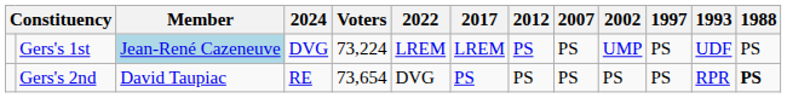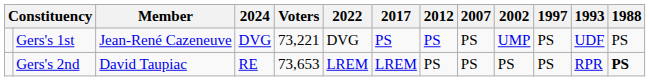 <table class="wikitable sortable">
 <tr>
 <th colspan="2">Constituency</th>
 <th>Member</th>
 <th>2024</th>
 <th>Voters</th>
 <th>2022</th>
 <th>2017</th>
 <th>2012</th>
 <th>2007</th>
 <th>2002</th>
 <th>1997</th>
 <th>1993</th>
 <th>1988</th>
 </tr>
 <tr>
 <td style="background-color: "></td>
 <td><a href='#'>Gers's 1st</a></td>
-<td style="background: lightblue;"><a href='#'>Jean-René Cazeneuve</a></td>
+<td><a href='#'>Jean-René Cazeneuve</a></td>
 <td><a href='#'>DVG</a></td>
-<td>73,224</td>
-<td><a href='#'>LREM</a></td>
-<td><a href='#'>LREM</a></td>
+<td>73,221</td>
+<td>DVG</td>
+<td><a href='#'>PS</a></td>
 <td bgcolor=><a href='#'>PS</a></td>
 <td bgcolor=>PS</td>
 <td bgcolor=><a href='#'>UMP</a></td>
 <td bgcolor=>PS</td>
 <td bgcolor=><a href='#'>UDF</a></td>
 <td bgcolor=>PS</td>
 </tr>
 <tr>
 <td style="background-color: "></td>
 <td><a href='#'>Gers's 2nd</a></td>
 <td><a href='#'>David Taupiac</a></td>
 <td><a href='#'>RE</a></td>
-<td>73,654</td>
-<td>DVG</td>
-<td><a href='#'>PS</a></td>
+<td>73,653</td>
+<td><a href='#'>LREM</a></td>
+<td><a href='#'>LREM</a></td>
 <td bgcolor=>PS</td>
 <td bgcolor=>PS</td>
 <td bgcolor=>PS</td>
 <td bgcolor=>PS</td>
 <td bgcolor=><a href='#'>RPR</a></td>
 <td bgcolor=><strong>PS</strong></td>
 </tr>
 </table>
